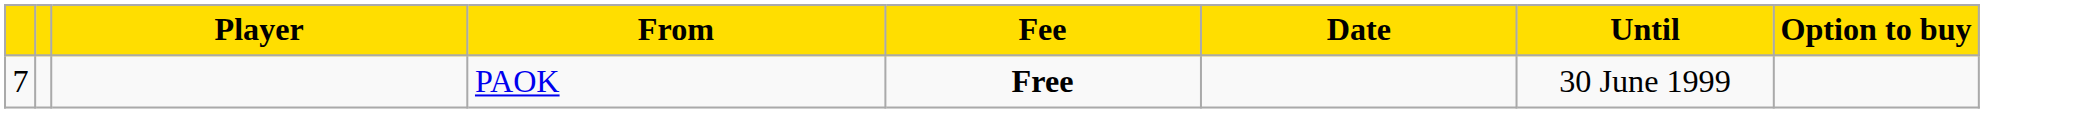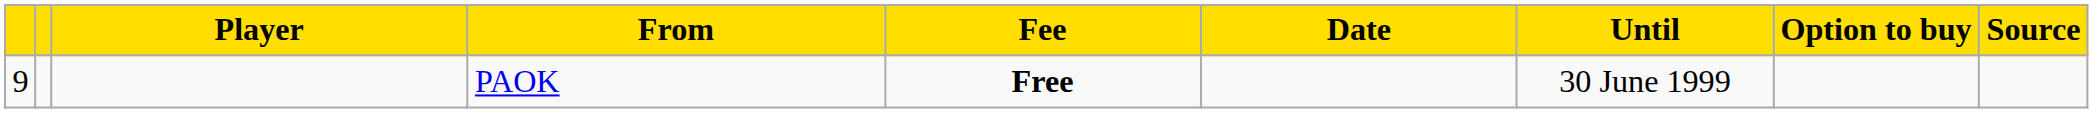 <table class="wikitable sortable">
 <tr>
 <th style="background:#FFDE00"></th>
 <th style="background:#FFDE00"></th>
 <th width=200 style="background:#FFDE00">Player</th>
 <th width=200 style="background:#FFDE00">From</th>
 <th width=150 style="background:#FFDE00">Fee</th>
 <th width=150 style="background:#FFDE00">Date</th>
 <th width=120 style="background:#FFDE00">Until</th>
 <th style="background:#FFDE00">Option to buy</th>
+<th style="background:#FFDE00">Source</th>
 </tr>
 <tr>
-<td align=center>7</td>
+<td align=center>9</td>
 <td align=center></td>
 <td></td>
 <td> <a href='#'>PAOK</a></td>
 <td align=center><strong>Free</strong></td>
 <td align=center></td>
 <td align=center>30 June 1999</td>
 <td align=center></td>
+<td align=center></td>
 </tr>
 </table>
